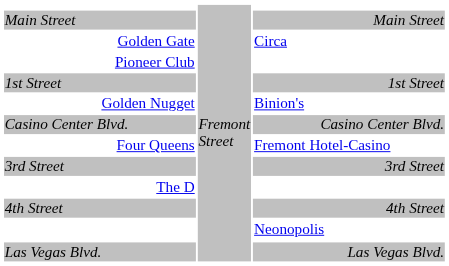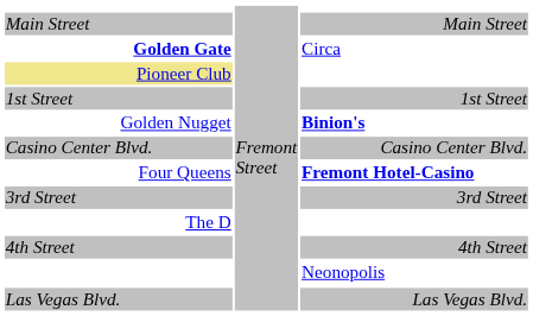 <table style="margin:auto;">
 <tr>
 <td style="text-align:right;"></td>
 <td style="background:silver; width:28px;" rowspan="34"><span><em>Fremont Street</em></span></td>
 </tr>
 <tr>
 </tr>
 <tr style="background:silver;">
 <td style="width:200px;"><em>Main Street</em></td>
 <td style="width:200px; text-align:right;"><em>Main Street</em></td>
 </tr>
 <tr>
-<td style="text-align:right;"><a href='#'>Golden Gate</a></td>
+<td style="text-align:right;"><strong><a href='#'>Golden Gate</a></strong></td>
 <td><a href='#'>Circa</a></td>
 </tr>
 <tr>
-<td style="text-align:right;"><a href='#'>Pioneer Club</a></td>
+<td style="background: khaki; text-align:right;"><a href='#'>Pioneer Club</a></td>
 <td></td>
 </tr>
 <tr style="background:silver;">
 <td><em>1st Street</em></td>
 <td style="text-align:right;"><em>1st Street</em></td>
 </tr>
 <tr>
 <td style="text-align:right;"><a href='#'>Golden Nugget</a></td>
-<td><a href='#'>Binion's</a></td>
+<td><strong><a href='#'>Binion's</a></strong></td>
 </tr>
 <tr style="background:silver;">
 <td><em>Casino Center Blvd.</em></td>
 <td style="text-align:right;"><em>Casino Center Blvd.</em></td>
 </tr>
 <tr>
 <td style="text-align:right;"><a href='#'>Four Queens</a></td>
-<td><a href='#'>Fremont Hotel-Casino</a></td>
+<td><strong><a href='#'>Fremont Hotel-Casino</a></strong></td>
 </tr>
 <tr style="background:silver;">
 <td><em>3rd Street</em></td>
 <td style="text-align:right;"><em>3rd Street</em></td>
 </tr>
 <tr>
 <td style="text-align:right;"><a href='#'>The D</a></td>
 <td></td>
 </tr>
 <tr style="background:silver;">
 <td><em>4th Street</em></td>
 <td style="text-align:right;"><em>4th Street</em></td>
 </tr>
 <tr>
 <td style="text-align:right;"></td>
 <td><a href='#'>Neonopolis</a></td>
 </tr>
 <tr>
 </tr>
 <tr style="background:silver;">
 <td><em>Las Vegas Blvd.</em></td>
 <td style="text-align:right;"><em>Las Vegas Blvd.</em></td>
 </tr>
 </table>
